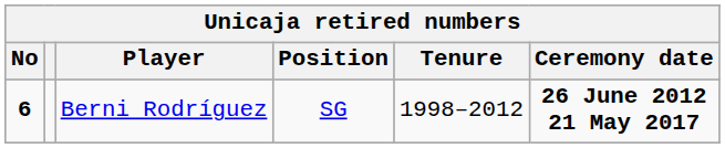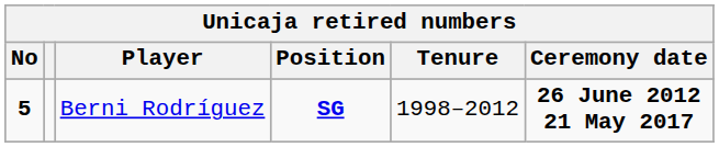 <table class="wikitable sortable" style=font-size:95%;text-align:center>
 <tr>
 <th colspan=6>Unicaja retired numbers</th>
 </tr>
 <tr>
 <th>No</th>
 <th></th>
 <th>Player</th>
 <th>Position</th>
 <th>Tenure</th>
 <th>Ceremony date</th>
 </tr>
 <tr>
-<td><strong>6</strong></td>
+<td><strong>5</strong></td>
 <td></td>
 <td><a href='#'>Berni Rodríguez</a></td>
-<td><a href='#'>SG</a></td>
+<td><strong><a href='#'>SG</a></strong></td>
 <td>1998–2012</td>
 <td><strong>26 June 2012<br>21 May 2017</strong></td>
 </tr>
 </table>
